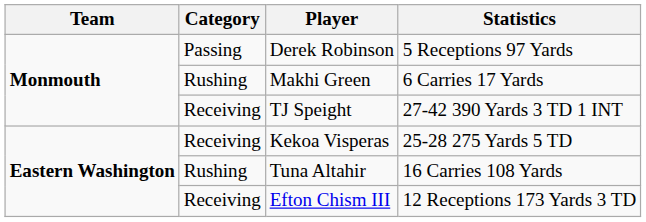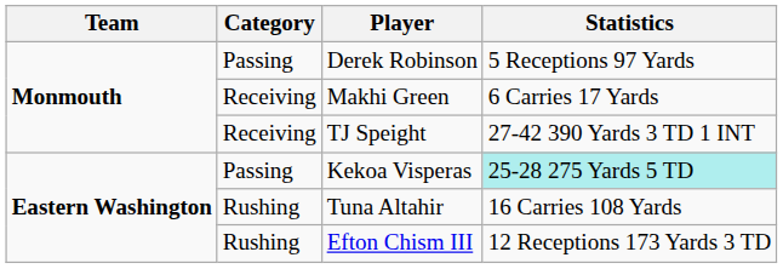 <table class="wikitable" style="float: right;">
 <tr>
 <th>Team</th>
 <th>Category</th>
 <th>Player</th>
 <th>Statistics</th>
 </tr>
 <tr>
 <td rowspan=3><strong>Monmouth</strong></td>
 <td>Passing</td>
 <td>Derek Robinson</td>
 <td>5 Receptions 97 Yards</td>
 </tr>
 <tr>
-<td>Rushing</td>
+<td>Receiving</td>
 <td>Makhi Green</td>
 <td>6 Carries 17 Yards</td>
 </tr>
 <tr>
 <td>Receiving</td>
 <td>TJ Speight</td>
 <td>27-42 390 Yards 3 TD 1 INT</td>
 </tr>
 <tr>
 <td rowspan=3><strong>Eastern Washington</strong></td>
-<td>Receiving</td>
+<td>Passing</td>
 <td>Kekoa Visperas</td>
-<td>25-28 275 Yards 5 TD</td>
+<td style="background: paleturquoise;">25-28 275 Yards 5 TD</td>
 </tr>
 <tr>
 <td>Rushing</td>
 <td>Tuna Altahir</td>
 <td>16 Carries 108 Yards</td>
 </tr>
 <tr>
-<td>Receiving</td>
+<td>Rushing</td>
 <td><a href='#'>Efton Chism III</a></td>
 <td>12 Receptions 173 Yards 3 TD</td>
 </tr>
 </table>
